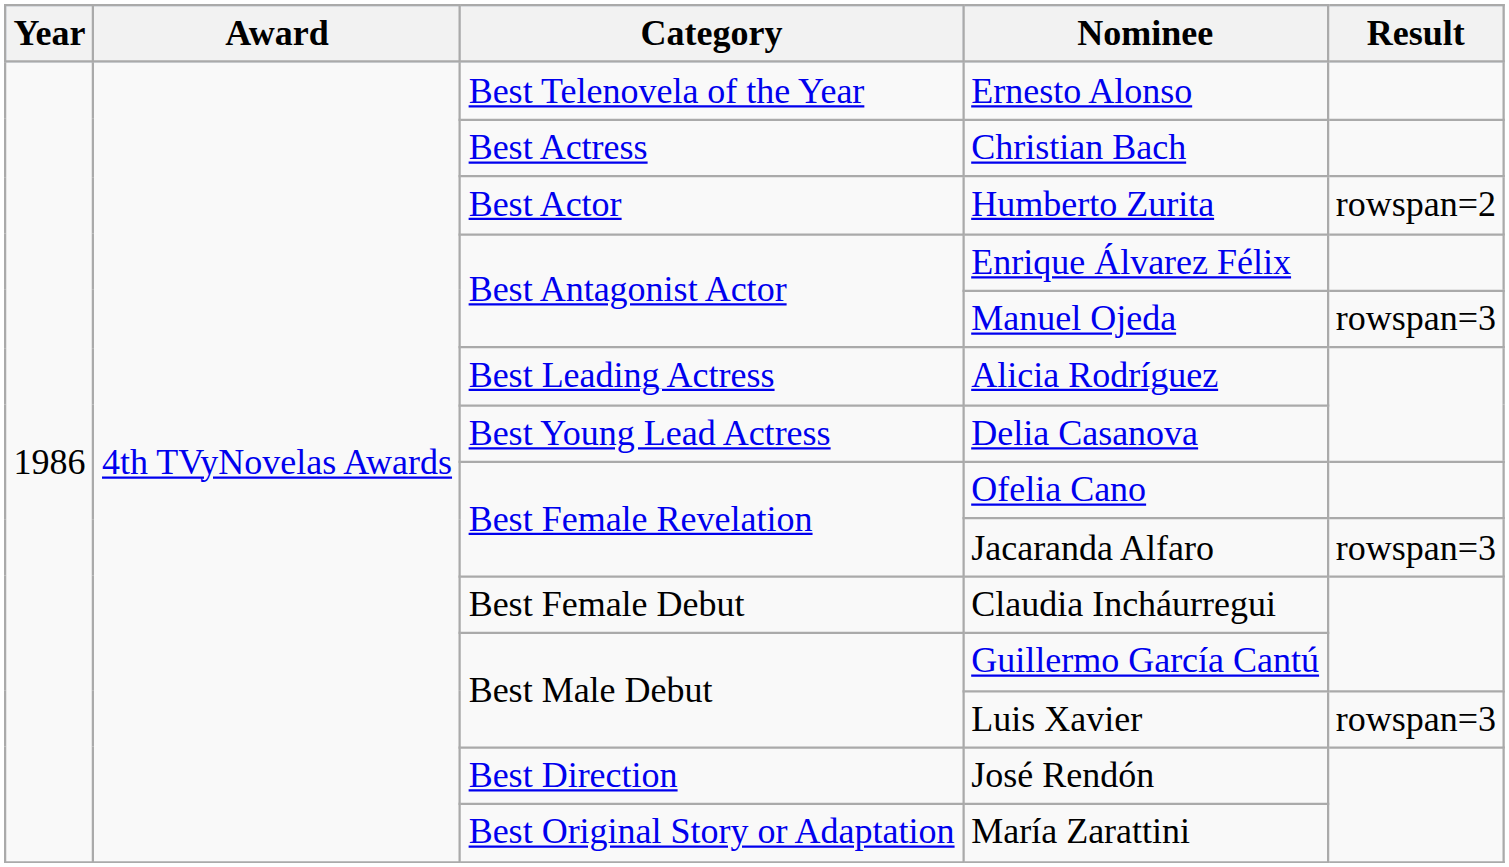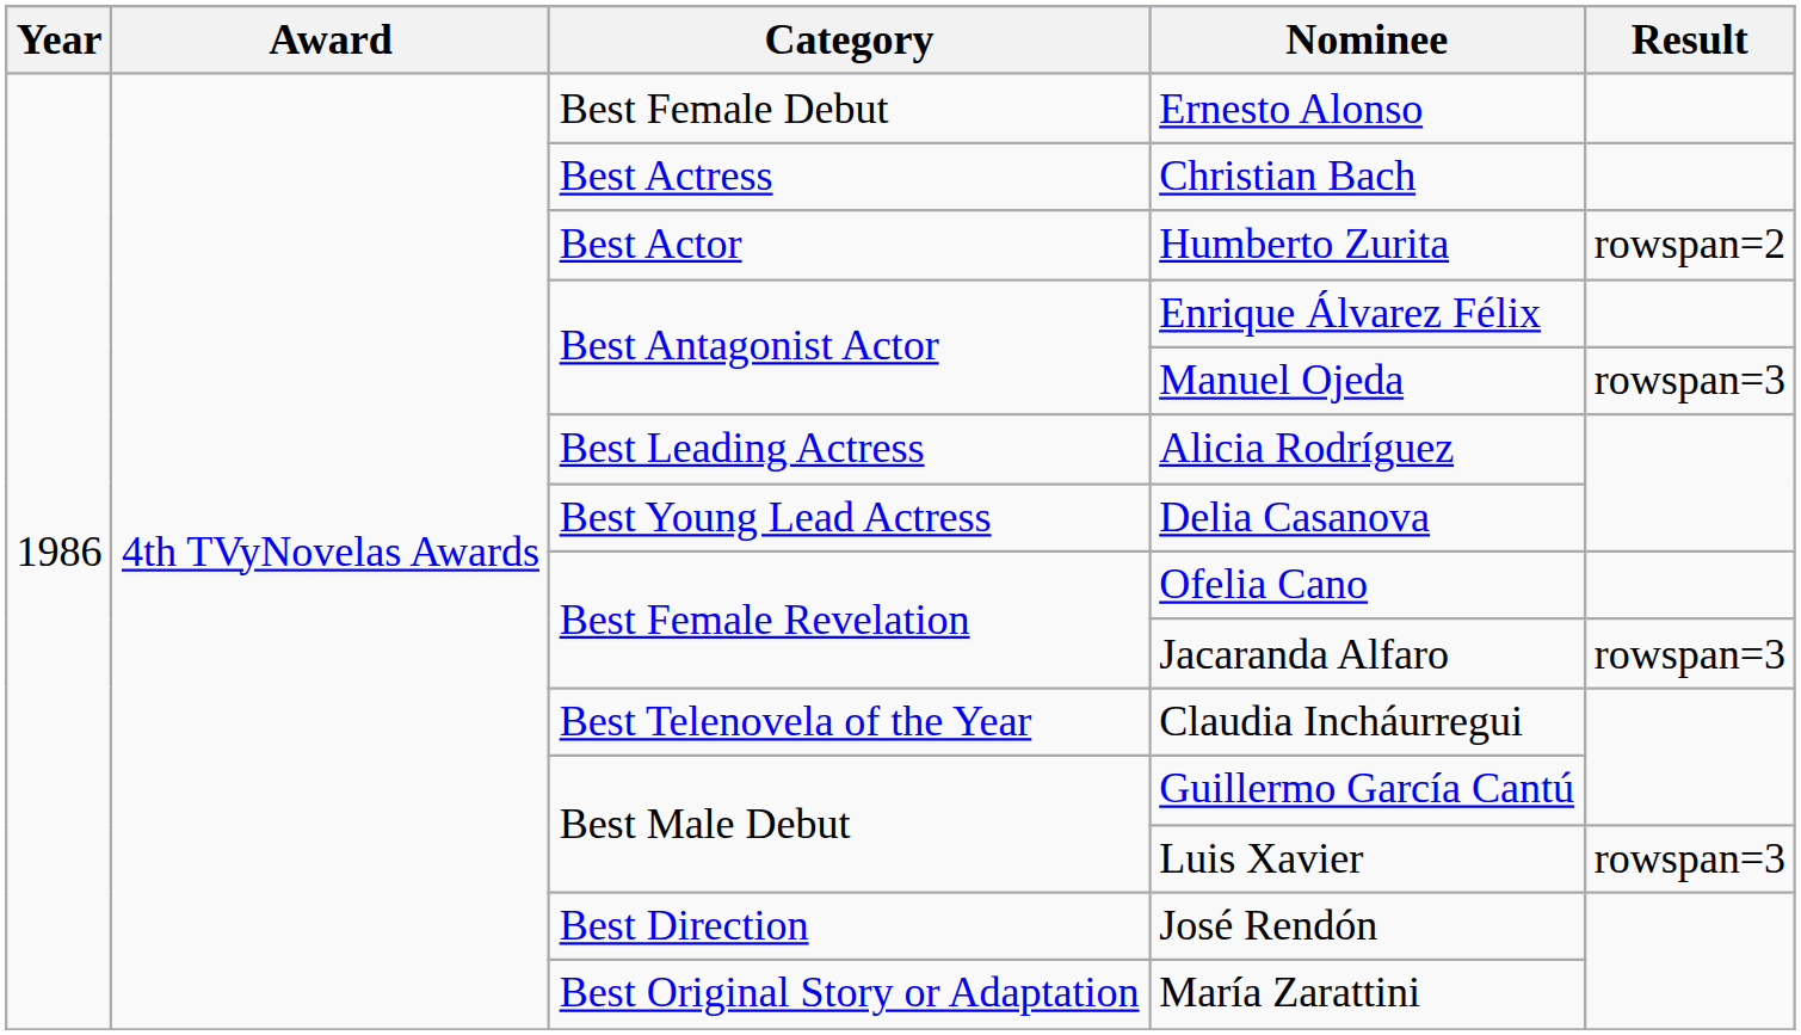 <table class="wikitable">
 <tr style="background:#b0c4de;">
 <th>Year</th>
 <th>Award</th>
 <th>Category</th>
 <th>Nominee</th>
 <th>Result</th>
 </tr>
 <tr>
 <td rowspan=14>1986</td>
 <td rowspan=14><a href='#'>4th TVyNovelas Awards</a></td>
-<td><a href='#'>Best Telenovela of the Year</a></td>
+<td>Best Female Debut</td>
 <td><a href='#'>Ernesto Alonso</a></td>
 <td></td>
 </tr>
 <tr>
 <td><a href='#'>Best Actress</a></td>
 <td><a href='#'>Christian Bach</a></td>
 <td></td>
 </tr>
 <tr>
 <td><a href='#'>Best Actor</a></td>
 <td><a href='#'>Humberto Zurita</a></td>
 <td>rowspan=2 </td>
 </tr>
 <tr>
 <td rowspan=2><a href='#'>Best Antagonist Actor</a></td>
 <td><a href='#'>Enrique Álvarez Félix</a></td>
 </tr>
 <tr>
 <td><a href='#'>Manuel Ojeda</a></td>
 <td>rowspan=3 </td>
 </tr>
 <tr>
 <td><a href='#'>Best Leading Actress</a></td>
 <td><a href='#'>Alicia Rodríguez</a></td>
 </tr>
 <tr>
 <td><a href='#'>Best Young Lead Actress</a></td>
 <td><a href='#'>Delia Casanova</a></td>
 </tr>
 <tr>
 <td rowspan=2><a href='#'>Best Female Revelation</a></td>
 <td><a href='#'>Ofelia Cano</a></td>
 <td></td>
 </tr>
 <tr>
 <td>Jacaranda Alfaro</td>
 <td>rowspan=3 </td>
 </tr>
 <tr>
-<td>Best Female Debut</td>
+<td><a href='#'>Best Telenovela of the Year</a></td>
 <td>Claudia Incháurregui</td>
 </tr>
 <tr>
 <td rowspan=2>Best Male Debut</td>
 <td><a href='#'>Guillermo García Cantú</a></td>
 </tr>
 <tr>
 <td>Luis Xavier</td>
 <td>rowspan=3  </td>
 </tr>
 <tr>
 <td><a href='#'>Best Direction</a></td>
 <td>José Rendón</td>
 </tr>
 <tr>
 <td><a href='#'>Best Original Story or Adaptation</a></td>
 <td>María Zarattini</td>
 </tr>
 </table>
